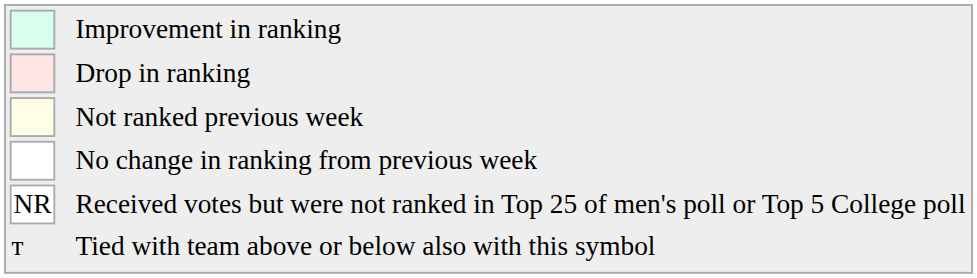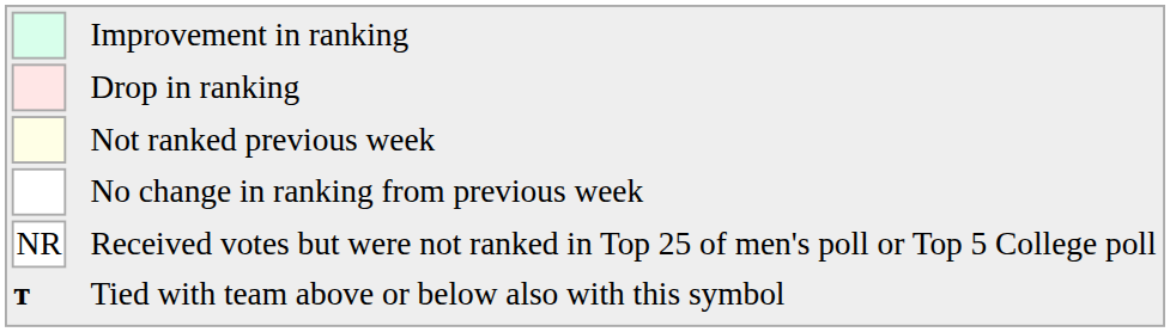 <table style="font-size:90%; border:1px solid #aaa; white-space:nowrap; background:#eee;">
 <tr>
 <td style="background:#d8ffeb; width:20px; border:1px solid #aaa;"> </td>
 <td rowspan=6> </td>
 <td>Improvement in ranking</td>
 </tr>
 <tr>
 <td style="background:#ffe6e6; width:20px; border:1px solid #aaa;"> </td>
 <td>Drop in ranking</td>
 </tr>
 <tr>
 <td style="background:#ffffe6; width:20px; border:1px solid #aaa;"> </td>
 <td>Not ranked previous week</td>
 </tr>
 <tr>
 <td style="background:#fff; width:20px; border:1px solid #aaa;"> </td>
 <td>No change in ranking from previous week</td>
 </tr>
 <tr>
 <td style="text-align:center; width:20px; border:1px solid #aaa; background:white;">NR</td>
 <td>Received votes but were not ranked in Top 25 of men's poll or Top 5 College poll</td>
 </tr>
 <tr>
-<td>т</td>
+<td><strong>т</strong></td>
 <td>Tied with team above or below also with this symbol</td>
 </tr>
 <tr>
 </tr>
 </table>
